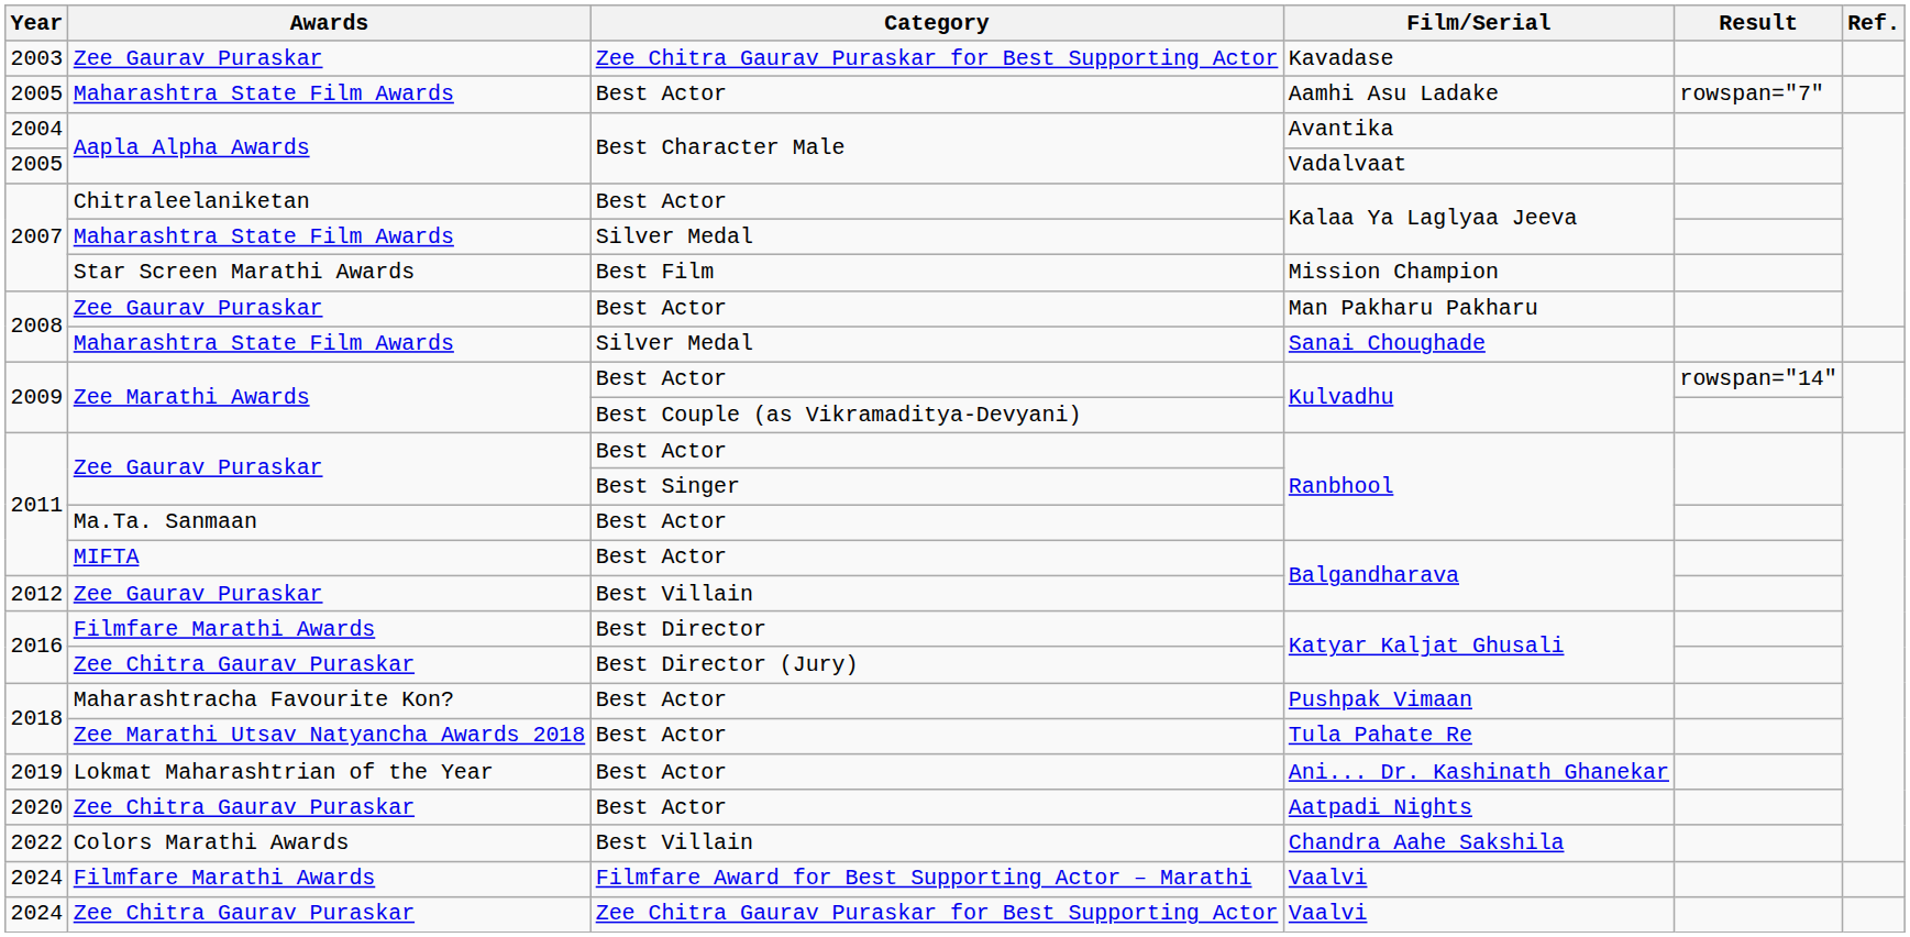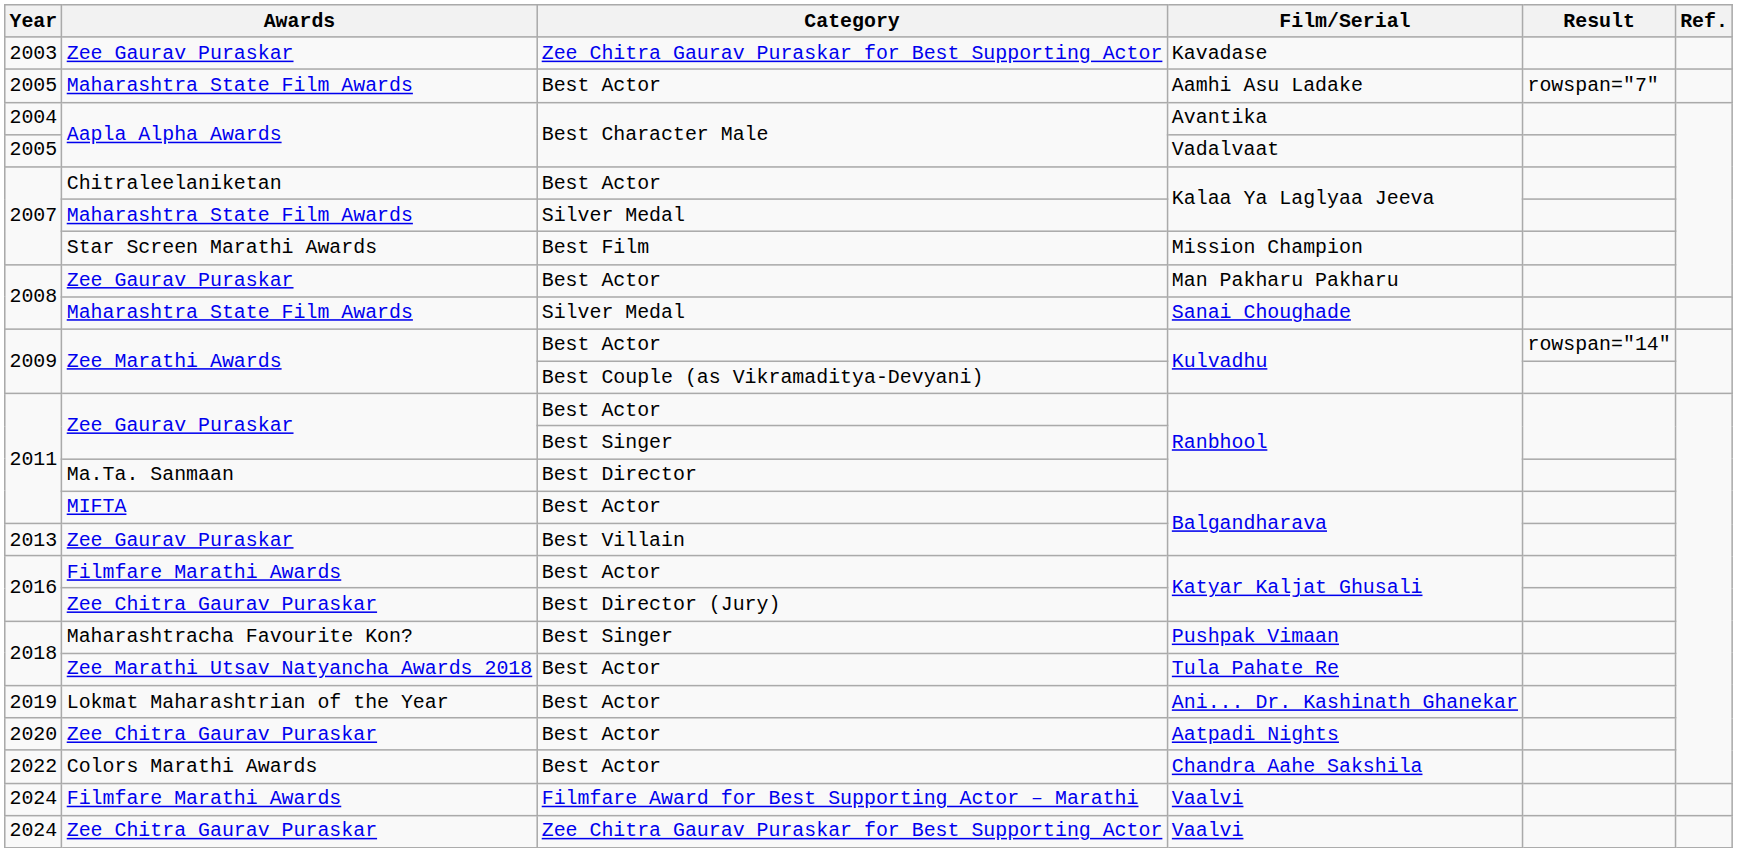 <table class="wikitable">
 <tr>
 <th>Year</th>
 <th>Awards</th>
 <th>Category</th>
 <th>Film/Serial</th>
 <th>Result</th>
 <th>Ref.</th>
 </tr>
 <tr>
 <td>2003</td>
 <td><a href='#'>Zee Gaurav Puraskar</a></td>
 <td><a href='#'>Zee Chitra Gaurav Puraskar for Best Supporting Actor</a></td>
 <td>Kavadase</td>
 <td></td>
 <td></td>
 </tr>
 <tr>
 <td>2005</td>
 <td><a href='#'>Maharashtra State Film Awards</a></td>
 <td>Best Actor</td>
 <td>Aamhi Asu Ladake</td>
 <td>rowspan="7" </td>
 <td></td>
 </tr>
 <tr>
 <td>2004</td>
 <td rowspan="2"><a href='#'>Aapla Alpha Awards</a></td>
 <td rowspan="2">Best Character Male</td>
 <td>Avantika</td>
 <td></td>
 </tr>
 <tr>
 <td>2005</td>
 <td>Vadalvaat</td>
 <td></td>
 </tr>
 <tr>
 <td rowspan="3">2007</td>
 <td>Chitraleelaniketan</td>
 <td>Best Actor</td>
 <td rowspan="2">Kalaa Ya Laglyaa Jeeva</td>
 <td></td>
 </tr>
 <tr>
 <td><a href='#'>Maharashtra State Film Awards</a></td>
 <td>Silver Medal</td>
 <td></td>
 </tr>
 <tr>
 <td>Star Screen Marathi Awards</td>
 <td>Best Film</td>
 <td>Mission Champion</td>
 <td></td>
 </tr>
 <tr>
 <td rowspan="2">2008</td>
 <td><a href='#'>Zee Gaurav Puraskar</a></td>
 <td>Best Actor</td>
 <td>Man Pakharu Pakharu</td>
 <td></td>
 </tr>
 <tr>
 <td><a href='#'>Maharashtra State Film Awards</a></td>
 <td>Silver Medal</td>
 <td><a href='#'>Sanai Choughade</a></td>
 <td></td>
 <td></td>
 </tr>
 <tr>
 <td rowspan="2">2009</td>
 <td rowspan="2"><a href='#'>Zee Marathi Awards</a></td>
 <td>Best Actor</td>
 <td rowspan="2"><a href='#'>Kulvadhu</a></td>
 <td>rowspan="14" </td>
 <td rowspan="2"></td>
 </tr>
 <tr>
 <td>Best Couple (as Vikramaditya-Devyani)</td>
 </tr>
 <tr>
 <td rowspan="4">2011</td>
 <td rowspan="2"><a href='#'>Zee Gaurav Puraskar</a></td>
 <td>Best Actor</td>
 <td rowspan="3"><a href='#'>Ranbhool</a></td>
 <td rowspan="2"></td>
 </tr>
 <tr>
 <td>Best Singer</td>
 </tr>
 <tr>
 <td>Ma.Ta. Sanmaan</td>
-<td>Best Actor</td>
+<td>Best Director</td>
 <td></td>
 </tr>
 <tr>
 <td><a href='#'>MIFTA</a></td>
 <td>Best Actor</td>
 <td rowspan="2"><a href='#'>Balgandharava</a></td>
 <td></td>
 </tr>
 <tr>
-<td>2012</td>
+<td>2013</td>
 <td><a href='#'>Zee Gaurav Puraskar</a></td>
 <td>Best Villain</td>
 <td></td>
 </tr>
 <tr>
 <td rowspan="2">2016</td>
 <td><a href='#'>Filmfare Marathi Awards</a></td>
-<td>Best Director</td>
+<td>Best Actor</td>
 <td rowspan="2"><a href='#'>Katyar Kaljat Ghusali</a></td>
 <td></td>
 </tr>
 <tr>
 <td><a href='#'>Zee Chitra Gaurav Puraskar</a></td>
 <td>Best Director (Jury)</td>
 <td></td>
 </tr>
 <tr>
 <td rowspan="2">2018</td>
 <td>Maharashtracha Favourite Kon?</td>
-<td>Best Actor</td>
+<td>Best Singer</td>
 <td><a href='#'>Pushpak Vimaan</a></td>
 <td></td>
 </tr>
 <tr>
 <td><a href='#'>Zee Marathi Utsav Natyancha Awards 2018</a></td>
 <td>Best Actor</td>
 <td><a href='#'>Tula Pahate Re</a></td>
 <td></td>
 </tr>
 <tr>
 <td>2019</td>
 <td>Lokmat Maharashtrian of the Year</td>
 <td>Best Actor</td>
 <td><a href='#'>Ani... Dr. Kashinath Ghanekar</a></td>
 <td></td>
 </tr>
 <tr>
 <td>2020</td>
 <td><a href='#'>Zee Chitra Gaurav Puraskar</a></td>
 <td>Best Actor</td>
 <td><a href='#'>Aatpadi Nights</a></td>
 <td></td>
 </tr>
 <tr>
 <td>2022</td>
 <td>Colors Marathi Awards</td>
-<td>Best Villain</td>
+<td>Best Actor</td>
 <td><a href='#'>Chandra Aahe Sakshila</a></td>
 <td></td>
 </tr>
 <tr>
 <td>2024</td>
 <td><a href='#'>Filmfare Marathi Awards</a></td>
 <td><a href='#'>Filmfare Award for Best Supporting Actor – Marathi</a></td>
 <td><a href='#'>Vaalvi</a></td>
 <td></td>
 <td></td>
 </tr>
 <tr>
 <td>2024</td>
 <td><a href='#'>Zee Chitra Gaurav Puraskar</a></td>
 <td><a href='#'>Zee Chitra Gaurav Puraskar for Best Supporting Actor</a></td>
 <td><a href='#'>Vaalvi</a></td>
 <td></td>
 <td></td>
 </tr>
 </table>
